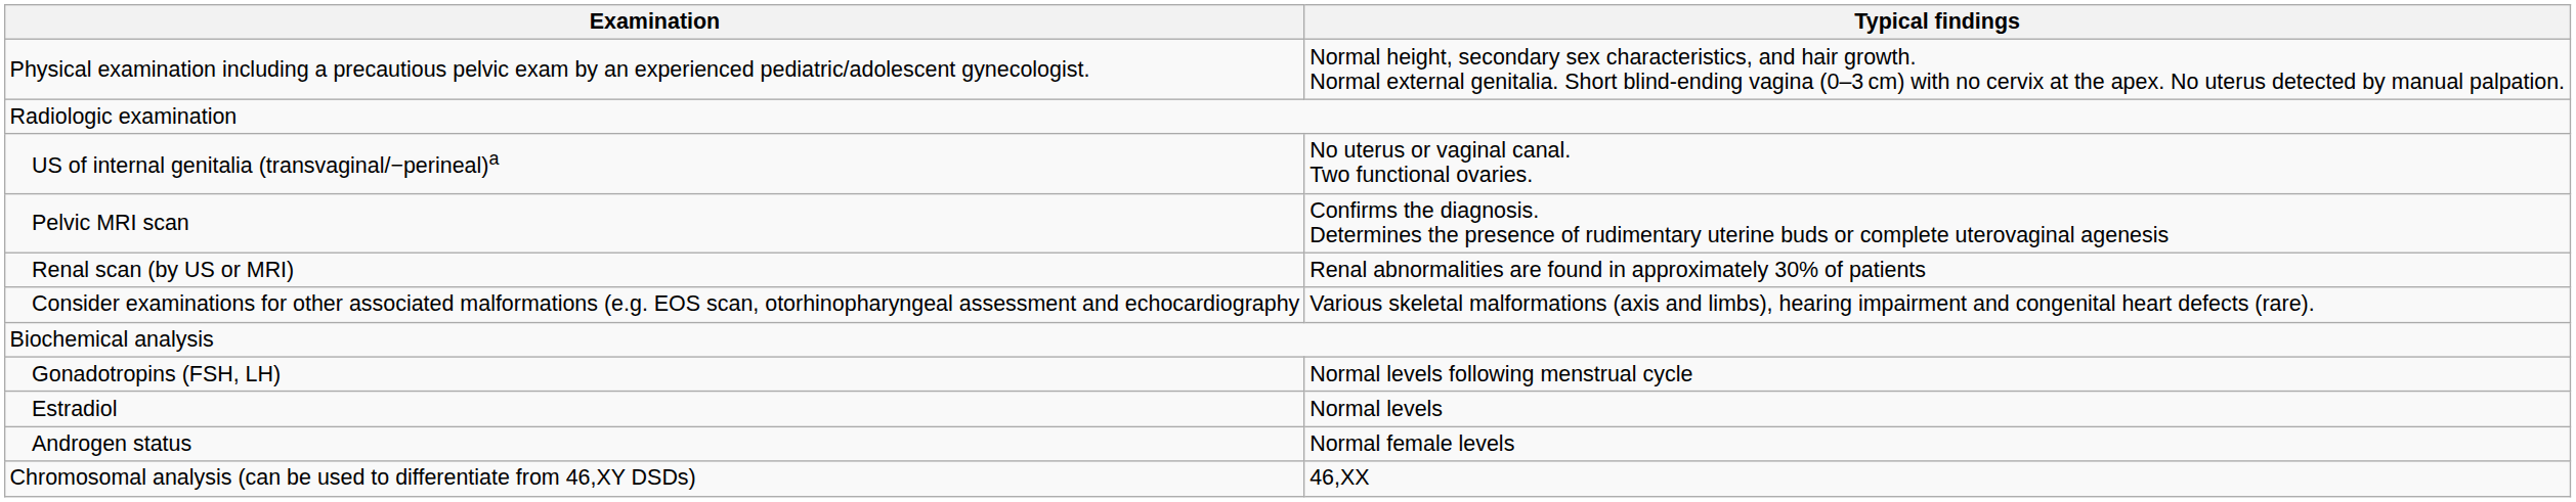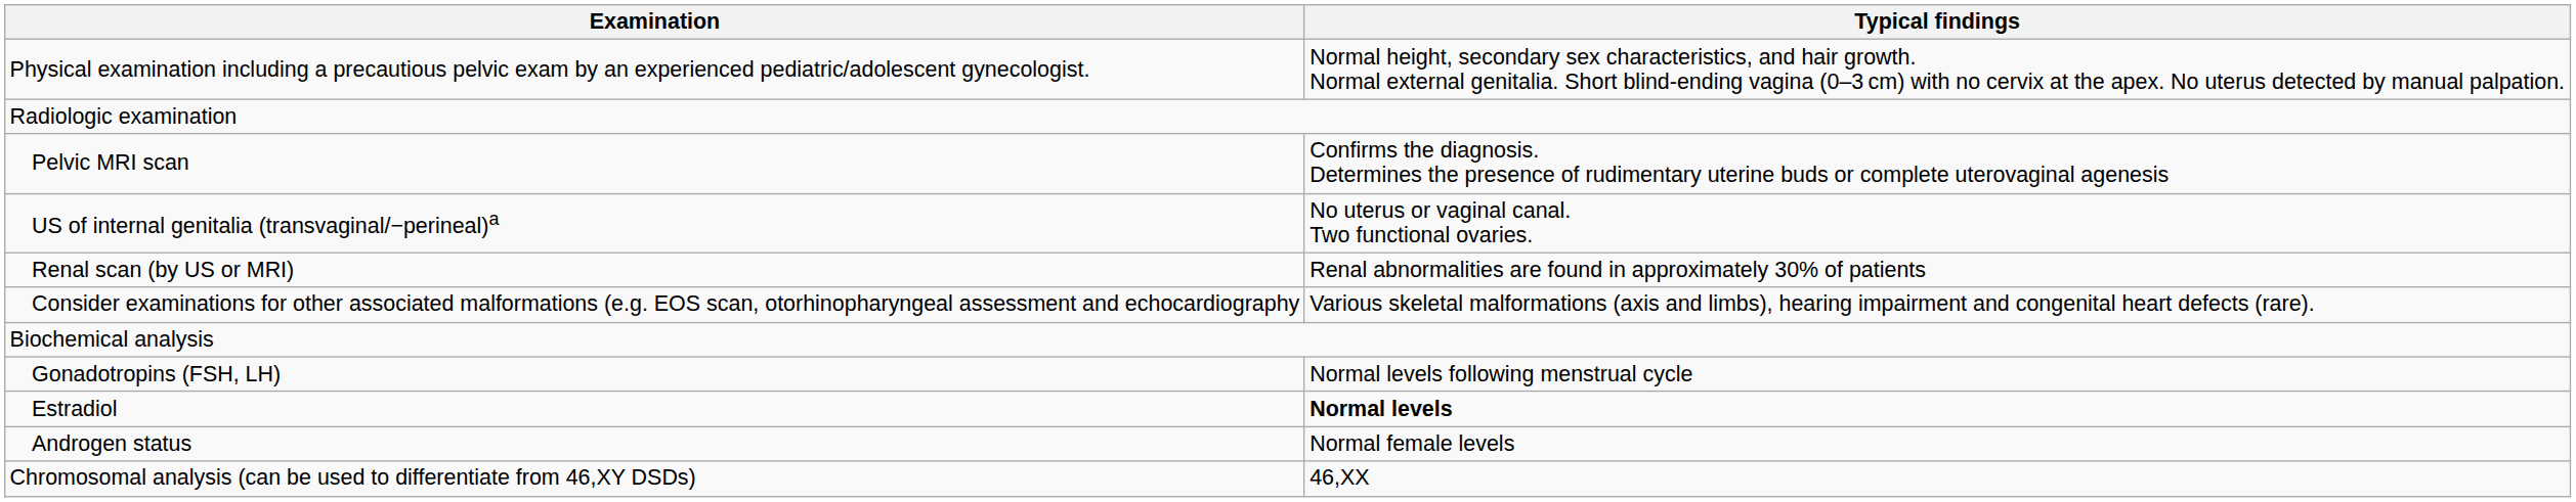 <table class="wikitable">
 <tr>
 <th>Examination</th>
 <th>Typical findings</th>
 </tr>
 <tr>
 <td>Physical examination including a precautious pelvic exam by an experienced pediatric/adolescent gynecologist.</td>
 <td>Normal height, secondary sex characteristics, and hair growth.<br>Normal external genitalia. Short blind-ending vagina (0–3 cm) with no cervix at the apex. No uterus detected by manual palpation.</td>
 </tr>
 <tr>
 <td colspan="2">Radiologic examination</td>
 </tr>
 <tr>
+<td> Pelvic MRI scan</td>
+<td>Confirms the diagnosis.<br>Determines the presence of rudimentary uterine buds or complete uterovaginal agenesis</td>
+</tr>
+<tr>
 <td> US of internal genitalia (transvaginal/−perineal)<sup>a</sup></td>
 <td>No uterus or vaginal canal.<br>Two functional ovaries.</td>
-</tr>
-<tr>
-<td> Pelvic MRI scan</td>
-<td>Confirms the diagnosis.<br>Determines the presence of rudimentary uterine buds or complete uterovaginal agenesis</td>
 </tr>
 <tr>
 <td> Renal scan (by US or MRI)</td>
 <td>Renal abnormalities are found in approximately 30% of patients</td>
 </tr>
 <tr>
 <td> Consider examinations for other associated malformations (e.g. EOS scan, otorhinopharyngeal assessment and echocardiography</td>
 <td>Various skeletal malformations (axis and limbs), hearing impairment and congenital heart defects (rare).</td>
 </tr>
 <tr>
 <td colspan="2">Biochemical analysis</td>
 </tr>
 <tr>
 <td> Gonadotropins (FSH, LH)</td>
 <td>Normal levels following menstrual cycle</td>
 </tr>
 <tr>
 <td> Estradiol</td>
-<td>Normal levels</td>
+<td><strong>Normal levels</strong></td>
 </tr>
 <tr>
 <td> Androgen status</td>
 <td>Normal female levels</td>
 </tr>
 <tr>
 <td>Chromosomal analysis (can be used to differentiate from 46,XY DSDs)</td>
 <td>46,XX</td>
 </tr>
 </table>
